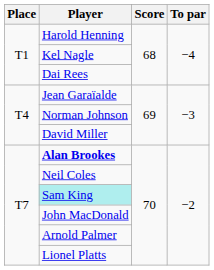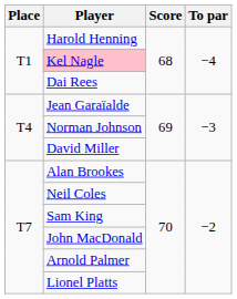 <table class="wikitable">
 <tr>
 <th>Place</th>
 <th>Player</th>
 <th>Score</th>
 <th>To par</th>
 </tr>
 <tr>
 <td rowspan="3" align=center>T1</td>
 <td> <a href='#'>Harold Henning</a></td>
 <td rowspan="3" align=center>68</td>
 <td rowspan="3" align=center>−4</td>
 </tr>
 <tr>
-<td> <a href='#'>Kel Nagle</a></td>
+<td style="background: pink;"> <a href='#'>Kel Nagle</a></td>
 </tr>
 <tr>
 <td> <a href='#'>Dai Rees</a></td>
 </tr>
 <tr>
 <td rowspan="3" align=center>T4</td>
 <td> <a href='#'>Jean Garaïalde</a></td>
 <td rowspan="3" align=center>69</td>
 <td rowspan="3" align=center>−3</td>
 </tr>
 <tr>
 <td> <a href='#'>Norman Johnson</a></td>
 </tr>
 <tr>
 <td> <a href='#'>David Miller</a></td>
 </tr>
 <tr>
 <td rowspan="6" align=center>T7</td>
-<td><strong> <a href='#'>Alan Brookes</a></strong></td>
+<td> <a href='#'>Alan Brookes</a></td>
 <td rowspan="6" align=center>70</td>
 <td rowspan="6" align=center>−2</td>
 </tr>
 <tr>
 <td> <a href='#'>Neil Coles</a></td>
 </tr>
 <tr>
-<td style="background: paleturquoise;"> <a href='#'>Sam King</a></td>
+<td> <a href='#'>Sam King</a></td>
 </tr>
 <tr>
 <td> <a href='#'>John MacDonald</a></td>
 </tr>
 <tr>
 <td> <a href='#'>Arnold Palmer</a></td>
 </tr>
 <tr>
 <td> <a href='#'>Lionel Platts</a></td>
 </tr>
 </table>
